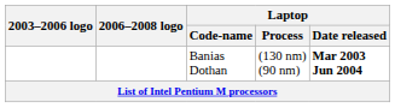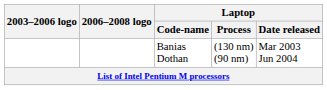 <table class="wikitable">
 <tr>
 <th rowspan="2">2003–2006 logo</th>
 <th rowspan="2">2006–2008 logo</th>
 <th colspan="3">Laptop</th>
 </tr>
 <tr>
 <th>Code-name</th>
 <th>Process</th>
 <th>Date released</th>
 </tr>
 <tr style="background:white">
 <td></td>
 <td></td>
 <td>Banias<br>Dothan</td>
 <td>(130 nm)<br>(90 nm)</td>
-<td><strong>Mar 2003<br>Jun 2004</strong></td>
+<td>Mar 2003<br>Jun 2004</td>
 </tr>
 <tr>
 <th colspan="5"><small><a href='#'>List of Intel Pentium M processors</a></small></th>
 </tr>
 </table>
